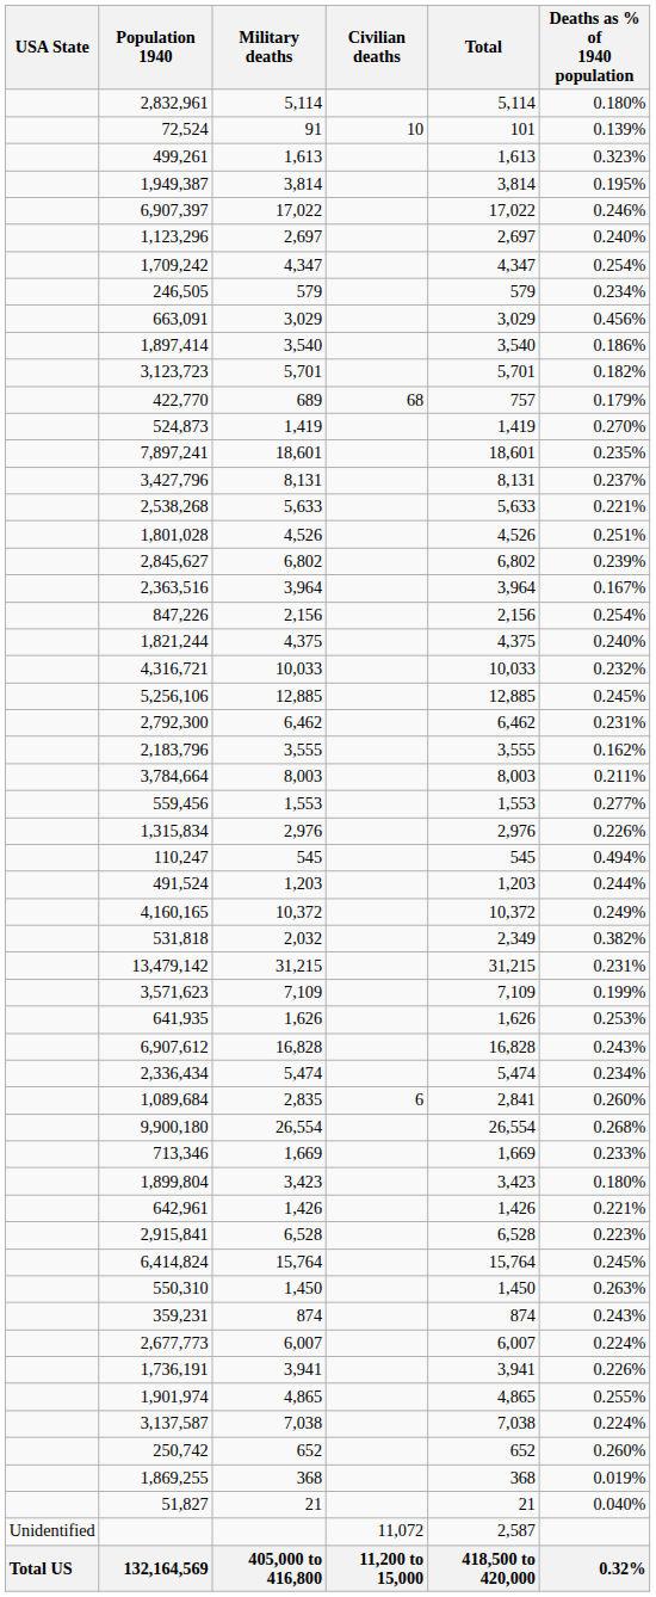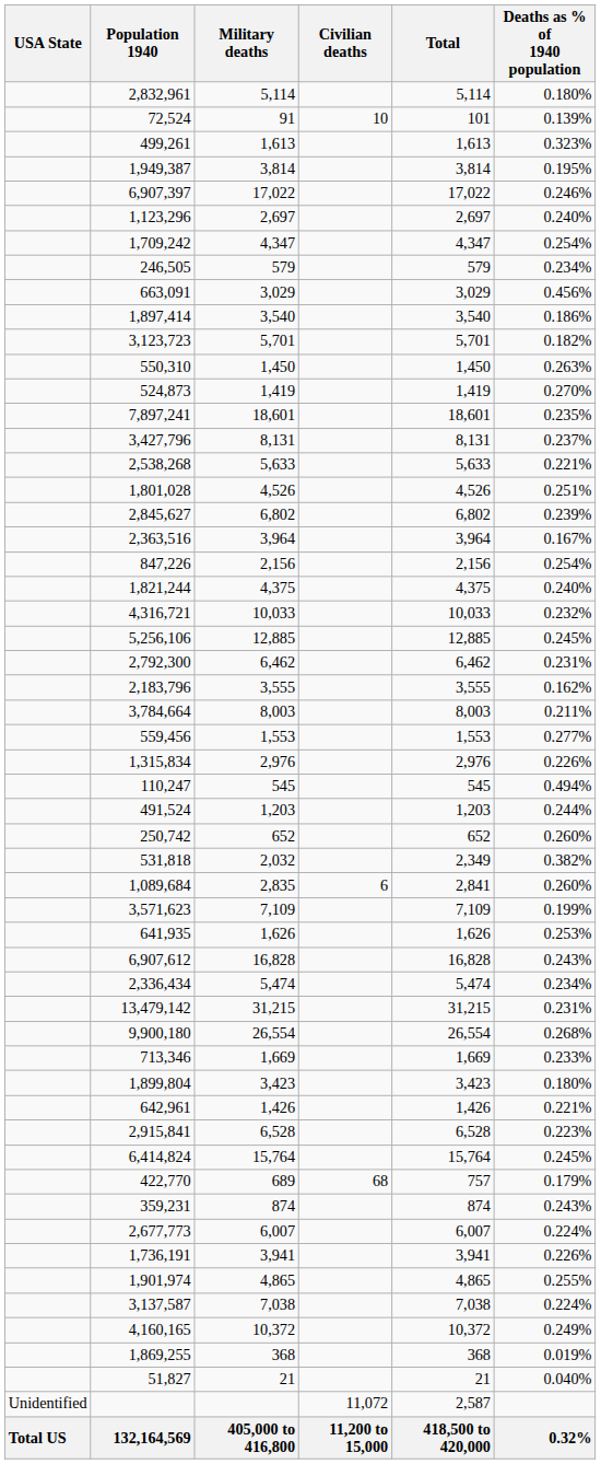 <table class="wikitable sortable" style="text-align:right">
 <tr>
 <th>USA State</th>
 <th>Population 1940<br></th>
 <th>Military deaths</th>
 <th>Civilian deaths</th>
 <th>Total</th>
 <th>Deaths as % of<br>1940 population</th>
 </tr>
 <tr>
 <td style="text-align:left"></td>
 <td>2,832,961</td>
 <td>5,114</td>
 <td></td>
 <td>5,114</td>
 <td>0.180%</td>
 </tr>
 <tr>
 <td style="text-align:left"></td>
 <td>72,524</td>
 <td>91</td>
 <td>10</td>
 <td>101</td>
 <td>0.139%</td>
 </tr>
 <tr>
 <td style="text-align:left"></td>
 <td>499,261</td>
 <td>1,613</td>
 <td></td>
 <td>1,613</td>
 <td>0.323%</td>
 </tr>
 <tr>
 <td style="text-align:left"></td>
 <td>1,949,387</td>
 <td>3,814</td>
 <td></td>
 <td>3,814</td>
 <td>0.195%</td>
 </tr>
 <tr>
 <td style="text-align:left"></td>
 <td>6,907,397</td>
 <td>17,022</td>
 <td></td>
 <td>17,022</td>
 <td>0.246%</td>
 </tr>
 <tr>
 <td style="text-align:left"></td>
 <td>1,123,296</td>
 <td>2,697</td>
 <td></td>
 <td>2,697</td>
 <td>0.240%</td>
 </tr>
 <tr>
 <td style="text-align:left"></td>
 <td>1,709,242</td>
 <td>4,347</td>
 <td></td>
 <td>4,347</td>
 <td>0.254%</td>
 </tr>
 <tr>
 <td style="text-align:left"></td>
 <td>246,505</td>
 <td>579</td>
 <td></td>
 <td>579</td>
 <td>0.234%</td>
 </tr>
 <tr>
 <td style="text-align:left"></td>
 <td>663,091</td>
 <td>3,029</td>
 <td></td>
 <td>3,029</td>
 <td>0.456%</td>
 </tr>
 <tr>
 <td style="text-align:left"></td>
 <td>1,897,414</td>
 <td>3,540</td>
 <td></td>
 <td>3,540</td>
 <td>0.186%</td>
 </tr>
 <tr>
 <td style="text-align:left"></td>
 <td>3,123,723</td>
 <td>5,701</td>
 <td></td>
 <td>5,701</td>
 <td>0.182%</td>
 </tr>
 <tr>
 <td style="text-align:left"></td>
-<td>422,770</td>
-<td>689</td>
-<td>68</td>
-<td>757</td>
-<td>0.179%</td>
+<td>550,310</td>
+<td>1,450</td>
+<td></td>
+<td>1,450</td>
+<td>0.263%</td>
 </tr>
 <tr>
 <td style="text-align:left"></td>
 <td>524,873</td>
 <td>1,419</td>
 <td></td>
 <td>1,419</td>
 <td>0.270%</td>
 </tr>
 <tr>
 <td style="text-align:left"></td>
 <td>7,897,241</td>
 <td>18,601</td>
 <td></td>
 <td>18,601</td>
 <td>0.235%</td>
 </tr>
 <tr>
 <td style="text-align:left"></td>
 <td>3,427,796</td>
 <td>8,131</td>
 <td></td>
 <td>8,131</td>
 <td>0.237%</td>
 </tr>
 <tr>
 <td style="text-align:left"></td>
 <td>2,538,268</td>
 <td>5,633</td>
 <td></td>
 <td>5,633</td>
 <td>0.221%</td>
 </tr>
 <tr>
 <td style="text-align:left"></td>
 <td>1,801,028</td>
 <td>4,526</td>
 <td></td>
 <td>4,526</td>
 <td>0.251%</td>
 </tr>
 <tr>
 <td style="text-align:left"></td>
 <td>2,845,627</td>
 <td>6,802</td>
 <td></td>
 <td>6,802</td>
 <td>0.239%</td>
 </tr>
 <tr>
 <td style="text-align:left"></td>
 <td>2,363,516</td>
 <td>3,964</td>
 <td></td>
 <td>3,964</td>
 <td>0.167%</td>
 </tr>
 <tr>
 <td style="text-align:left"></td>
 <td>847,226</td>
 <td>2,156</td>
 <td></td>
 <td>2,156</td>
 <td>0.254%</td>
 </tr>
 <tr>
 <td style="text-align:left"></td>
 <td>1,821,244</td>
 <td>4,375</td>
 <td></td>
 <td>4,375</td>
 <td>0.240%</td>
 </tr>
 <tr>
 <td style="text-align:left"></td>
 <td>4,316,721</td>
 <td>10,033</td>
 <td></td>
 <td>10,033</td>
 <td>0.232%</td>
 </tr>
 <tr>
 <td style="text-align:left"></td>
 <td>5,256,106</td>
 <td>12,885</td>
 <td></td>
 <td>12,885</td>
 <td>0.245%</td>
 </tr>
 <tr>
 <td style="text-align:left"></td>
 <td>2,792,300</td>
 <td>6,462</td>
 <td></td>
 <td>6,462</td>
 <td>0.231%</td>
 </tr>
 <tr>
 <td style="text-align:left"></td>
 <td>2,183,796</td>
 <td>3,555</td>
 <td></td>
 <td>3,555</td>
 <td>0.162%</td>
 </tr>
 <tr>
 <td style="text-align:left"></td>
 <td>3,784,664</td>
 <td>8,003</td>
 <td></td>
 <td>8,003</td>
 <td>0.211%</td>
 </tr>
 <tr>
 <td style="text-align:left"></td>
 <td>559,456</td>
 <td>1,553</td>
 <td></td>
 <td>1,553</td>
 <td>0.277%</td>
 </tr>
 <tr>
 <td style="text-align:left"></td>
 <td>1,315,834</td>
 <td>2,976</td>
 <td></td>
 <td>2,976</td>
 <td>0.226%</td>
 </tr>
 <tr>
 <td style="text-align:left"></td>
 <td>110,247</td>
 <td>545</td>
 <td></td>
 <td>545</td>
 <td>0.494%</td>
 </tr>
 <tr>
 <td style="text-align:left"></td>
 <td>491,524</td>
 <td>1,203</td>
 <td></td>
 <td>1,203</td>
 <td>0.244%</td>
 </tr>
 <tr>
 <td style="text-align:left"></td>
-<td>4,160,165</td>
-<td>10,372</td>
+<td>250,742</td>
+<td>652</td>
 <td></td>
-<td>10,372</td>
-<td>0.249%</td>
+<td>652</td>
+<td>0.260%</td>
 </tr>
 <tr>
 <td style="text-align:left"></td>
 <td>531,818</td>
 <td>2,032</td>
 <td></td>
 <td>2,349</td>
 <td>0.382%</td>
 </tr>
 <tr>
 <td style="text-align:left"></td>
-<td>13,479,142</td>
-<td>31,215</td>
-<td></td>
-<td>31,215</td>
-<td>0.231%</td>
+<td>1,089,684</td>
+<td>2,835</td>
+<td>6</td>
+<td>2,841</td>
+<td>0.260%</td>
 </tr>
 <tr>
 <td style="text-align:left"></td>
 <td>3,571,623</td>
 <td>7,109</td>
 <td></td>
 <td>7,109</td>
 <td>0.199%</td>
 </tr>
 <tr>
 <td style="text-align:left"></td>
 <td>641,935</td>
 <td>1,626</td>
 <td></td>
 <td>1,626</td>
 <td>0.253%</td>
 </tr>
 <tr>
 <td style="text-align:left"></td>
 <td>6,907,612</td>
 <td>16,828</td>
 <td></td>
 <td>16,828</td>
 <td>0.243%</td>
 </tr>
 <tr>
 <td style="text-align:left"></td>
 <td>2,336,434</td>
 <td>5,474</td>
 <td></td>
 <td>5,474</td>
 <td>0.234%</td>
 </tr>
 <tr>
 <td style="text-align:left"></td>
-<td>1,089,684</td>
-<td>2,835</td>
-<td>6</td>
-<td>2,841</td>
-<td>0.260%</td>
+<td>13,479,142</td>
+<td>31,215</td>
+<td></td>
+<td>31,215</td>
+<td>0.231%</td>
 </tr>
 <tr>
 <td style="text-align:left"></td>
 <td>9,900,180</td>
 <td>26,554</td>
 <td></td>
 <td>26,554</td>
 <td>0.268%</td>
 </tr>
 <tr>
 <td style="text-align:left"></td>
 <td>713,346</td>
 <td>1,669</td>
 <td></td>
 <td>1,669</td>
 <td>0.233%</td>
 </tr>
 <tr>
 <td style="text-align:left"></td>
 <td>1,899,804</td>
 <td>3,423</td>
 <td></td>
 <td>3,423</td>
 <td>0.180%</td>
 </tr>
 <tr>
 <td style="text-align:left"></td>
 <td>642,961</td>
 <td>1,426</td>
 <td></td>
 <td>1,426</td>
 <td>0.221%</td>
 </tr>
 <tr>
 <td style="text-align:left"></td>
 <td>2,915,841</td>
 <td>6,528</td>
 <td></td>
 <td>6,528</td>
 <td>0.223%</td>
 </tr>
 <tr>
 <td style="text-align:left"></td>
 <td>6,414,824</td>
 <td>15,764</td>
 <td></td>
 <td>15,764</td>
 <td>0.245%</td>
 </tr>
 <tr>
 <td style="text-align:left"></td>
-<td>550,310</td>
-<td>1,450</td>
-<td></td>
-<td>1,450</td>
-<td>0.263%</td>
+<td>422,770</td>
+<td>689</td>
+<td>68</td>
+<td>757</td>
+<td>0.179%</td>
 </tr>
 <tr>
 <td style="text-align:left"></td>
 <td>359,231</td>
 <td>874</td>
 <td></td>
 <td>874</td>
 <td>0.243%</td>
 </tr>
 <tr>
 <td style="text-align:left"></td>
 <td>2,677,773</td>
 <td>6,007</td>
 <td></td>
 <td>6,007</td>
 <td>0.224%</td>
 </tr>
 <tr>
 <td style="text-align:left"></td>
 <td>1,736,191</td>
 <td>3,941</td>
 <td></td>
 <td>3,941</td>
 <td>0.226%</td>
 </tr>
 <tr>
 <td style="text-align:left"></td>
 <td>1,901,974</td>
 <td>4,865</td>
 <td></td>
 <td>4,865</td>
 <td>0.255%</td>
 </tr>
 <tr>
 <td style="text-align:left"></td>
 <td>3,137,587</td>
 <td>7,038</td>
 <td></td>
 <td>7,038</td>
 <td>0.224%</td>
 </tr>
 <tr>
 <td style="text-align:left"></td>
-<td>250,742</td>
-<td>652</td>
+<td>4,160,165</td>
+<td>10,372</td>
 <td></td>
-<td>652</td>
-<td>0.260%</td>
+<td>10,372</td>
+<td>0.249%</td>
 </tr>
 <tr>
 <td style="text-align:left"></td>
 <td>1,869,255</td>
 <td>368</td>
 <td></td>
 <td>368</td>
 <td>0.019%</td>
 </tr>
 <tr>
 <td style="text-align:left"></td>
 <td>51,827</td>
 <td>21</td>
 <td></td>
 <td>21</td>
 <td>0.040%</td>
 </tr>
 <tr>
 <td style="text-align:left">Unidentified</td>
 <td></td>
 <td></td>
 <td>11,072</td>
 <td>2,587</td>
 <td></td>
 </tr>
 <tr class="sortbottom">
 <th style="text-align:left ">Total US</th>
 <th style="text-align:right">132,164,569</th>
 <th style="text-align:right"><strong>405,000 to 416,800</strong></th>
 <th style="text-align:right"><strong>11,200 to 15,000</strong></th>
 <th style="text-align:right"><strong>418,500 to 420,000</strong></th>
 <th style="text-align:right">0.32%</th>
 </tr>
 </table>
